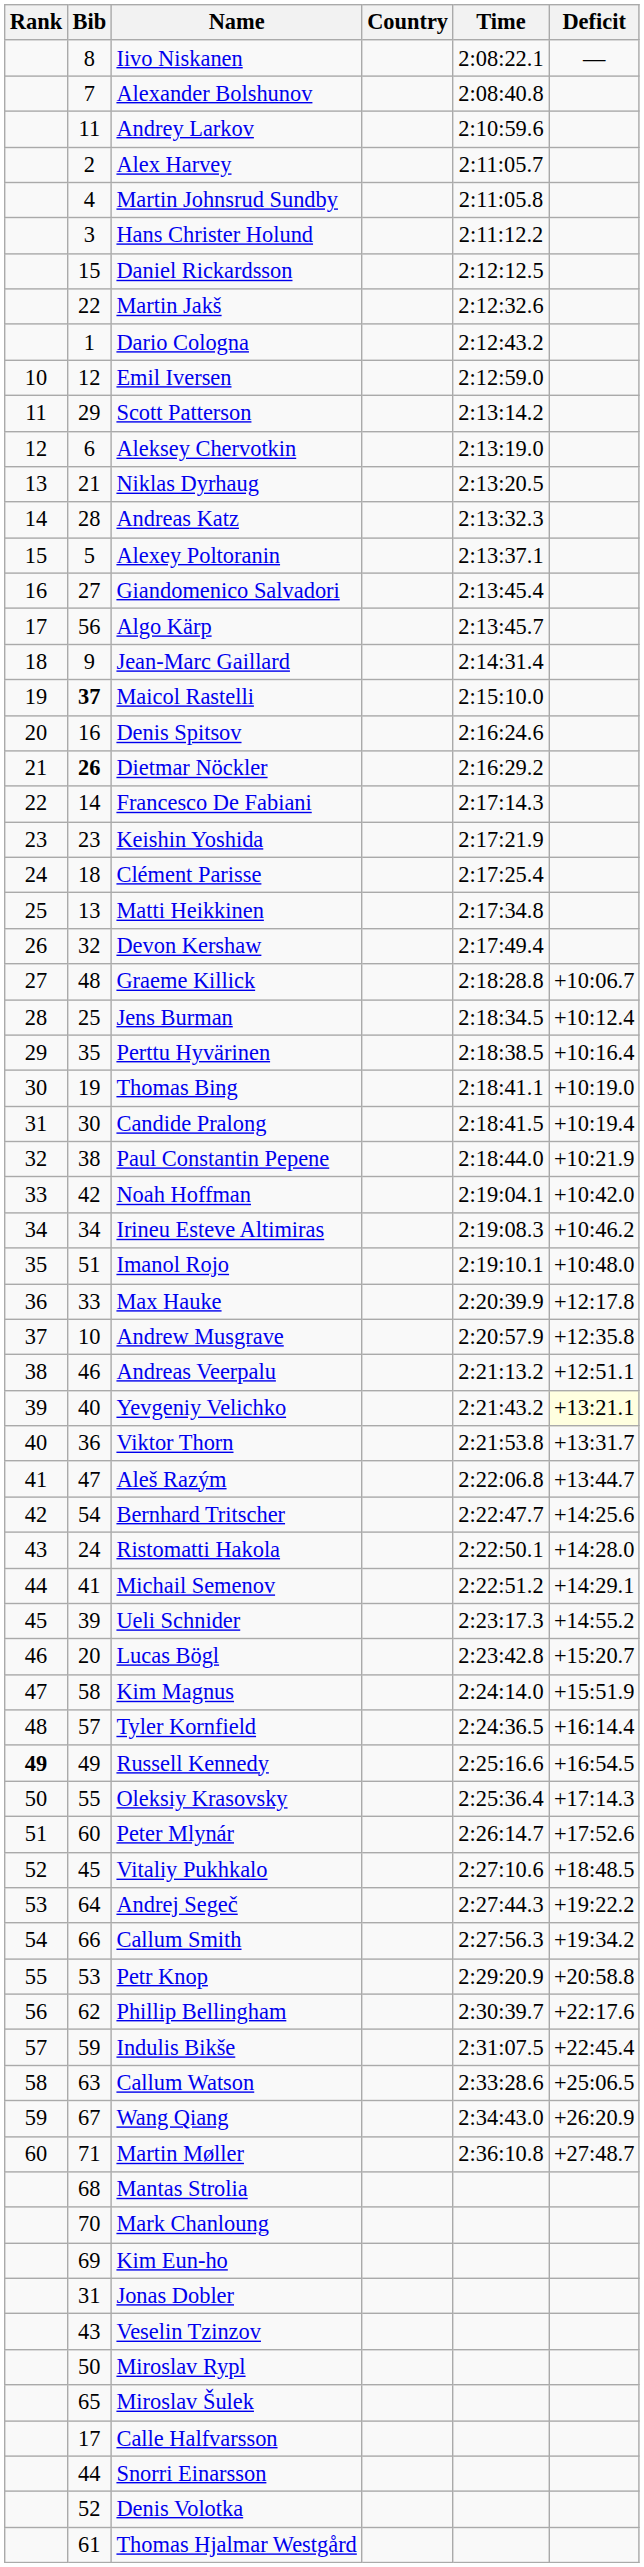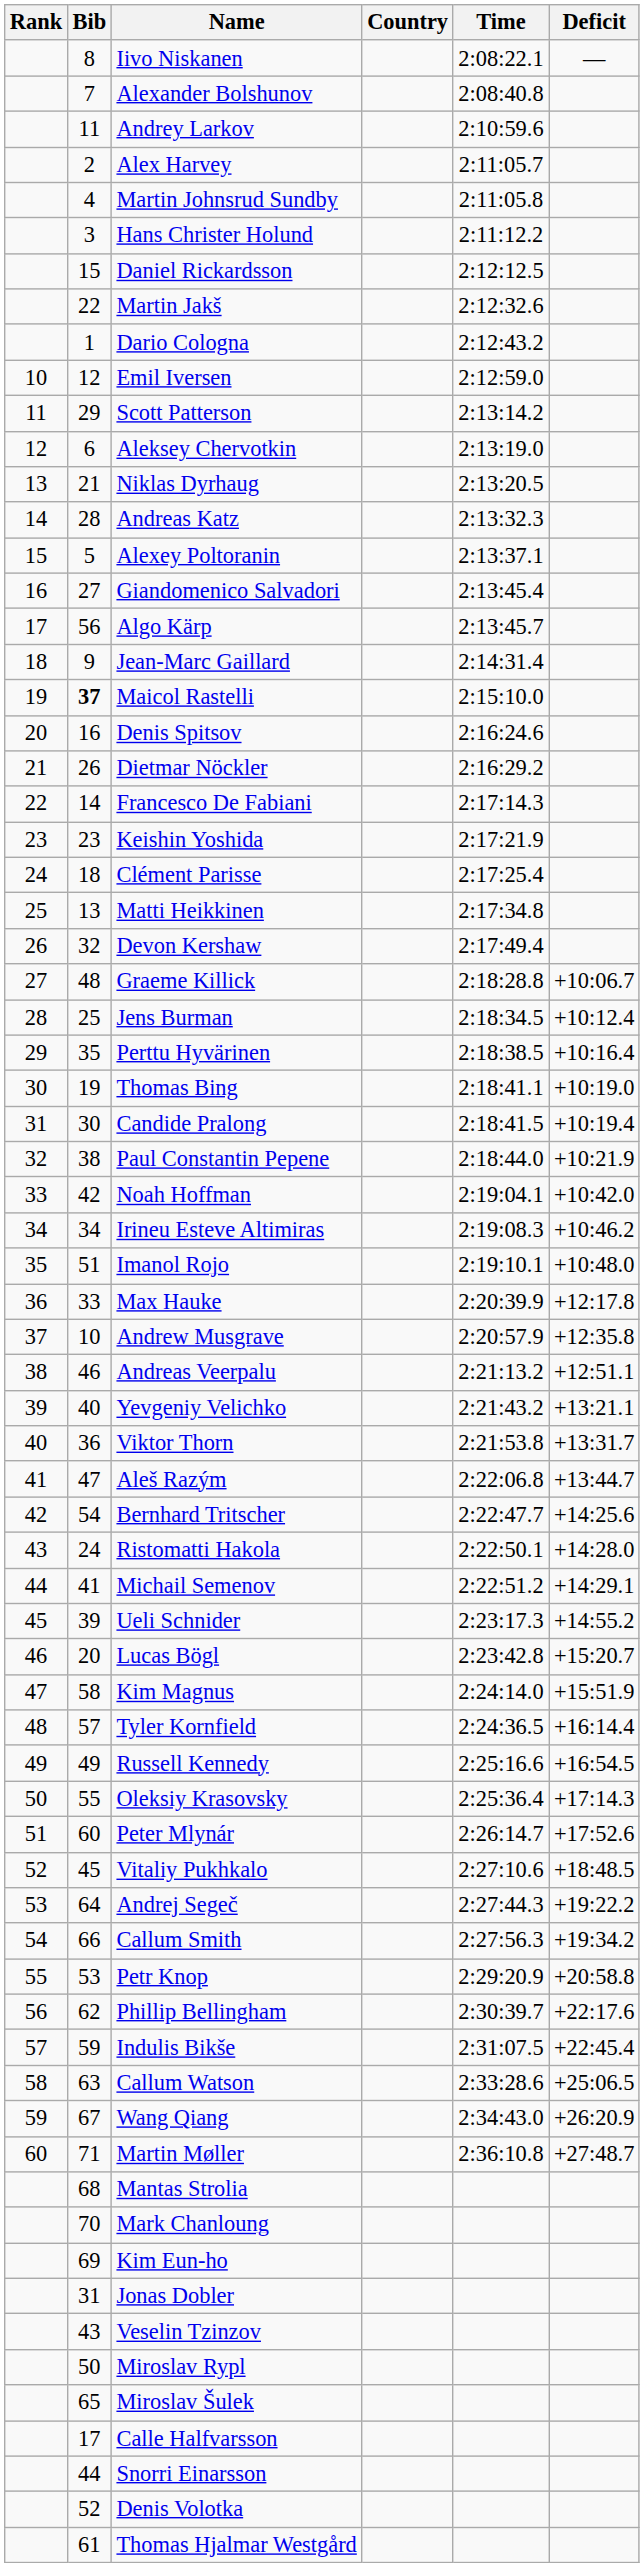 <table class="wikitable sortable" style="text-align:center">
 <tr>
 <th>Rank</th>
 <th>Bib</th>
 <th>Name</th>
 <th>Country</th>
 <th>Time</th>
 <th>Deficit</th>
 </tr>
 <tr>
 <td></td>
 <td>8</td>
 <td align="left"><a href='#'>Iivo Niskanen</a></td>
 <td align="left"></td>
 <td>2:08:22.1</td>
 <td>—</td>
 </tr>
 <tr>
 <td></td>
 <td>7</td>
 <td align="left"><a href='#'>Alexander Bolshunov</a></td>
 <td align="left"></td>
 <td>2:08:40.8</td>
 <td></td>
 </tr>
 <tr>
 <td></td>
 <td>11</td>
 <td align="left"><a href='#'>Andrey Larkov</a></td>
 <td align="left"></td>
 <td>2:10:59.6</td>
 <td></td>
 </tr>
 <tr>
 <td></td>
 <td>2</td>
 <td align="left"><a href='#'>Alex Harvey</a></td>
 <td align="left"></td>
 <td>2:11:05.7</td>
 <td></td>
 </tr>
 <tr>
 <td></td>
 <td>4</td>
 <td align="left"><a href='#'>Martin Johnsrud Sundby</a></td>
 <td align="left"></td>
 <td>2:11:05.8</td>
 <td></td>
 </tr>
 <tr>
 <td></td>
 <td>3</td>
 <td align="left"><a href='#'>Hans Christer Holund</a></td>
 <td align="left"></td>
 <td>2:11:12.2</td>
 <td></td>
 </tr>
 <tr>
 <td></td>
 <td>15</td>
 <td align="left"><a href='#'>Daniel Rickardsson</a></td>
 <td align="left"></td>
 <td>2:12:12.5</td>
 <td></td>
 </tr>
 <tr>
 <td></td>
 <td>22</td>
 <td align="left"><a href='#'>Martin Jakš</a></td>
 <td align="left"></td>
 <td>2:12:32.6</td>
 <td></td>
 </tr>
 <tr>
 <td></td>
 <td>1</td>
 <td align="left"><a href='#'>Dario Cologna</a></td>
 <td align="left"></td>
 <td>2:12:43.2</td>
 <td></td>
 </tr>
 <tr>
 <td>10</td>
 <td>12</td>
 <td align="left"><a href='#'>Emil Iversen</a></td>
 <td align="left"></td>
 <td>2:12:59.0</td>
 <td></td>
 </tr>
 <tr>
 <td>11</td>
 <td>29</td>
 <td align="left"><a href='#'>Scott Patterson</a></td>
 <td align="left"></td>
 <td>2:13:14.2</td>
 <td></td>
 </tr>
 <tr>
 <td>12</td>
 <td>6</td>
 <td align="left"><a href='#'>Aleksey Chervotkin</a></td>
 <td align="left"></td>
 <td>2:13:19.0</td>
 <td></td>
 </tr>
 <tr>
 <td>13</td>
 <td>21</td>
 <td align="left"><a href='#'>Niklas Dyrhaug</a></td>
 <td align="left"></td>
 <td>2:13:20.5</td>
 <td></td>
 </tr>
 <tr>
 <td>14</td>
 <td>28</td>
 <td align="left"><a href='#'>Andreas Katz</a></td>
 <td align="left"></td>
 <td>2:13:32.3</td>
 <td></td>
 </tr>
 <tr>
 <td>15</td>
 <td>5</td>
 <td align="left"><a href='#'>Alexey Poltoranin</a></td>
 <td align="left"></td>
 <td>2:13:37.1</td>
 <td></td>
 </tr>
 <tr>
 <td>16</td>
 <td>27</td>
 <td align="left"><a href='#'>Giandomenico Salvadori</a></td>
 <td align="left"></td>
 <td>2:13:45.4</td>
 <td></td>
 </tr>
 <tr>
 <td>17</td>
 <td>56</td>
 <td align="left"><a href='#'>Algo Kärp</a></td>
 <td align="left"></td>
 <td>2:13:45.7</td>
 <td></td>
 </tr>
 <tr>
 <td>18</td>
 <td>9</td>
 <td align="left"><a href='#'>Jean-Marc Gaillard</a></td>
 <td align="left"></td>
 <td>2:14:31.4</td>
 <td></td>
 </tr>
 <tr>
 <td>19</td>
 <td><strong>37</strong></td>
 <td align="left"><a href='#'>Maicol Rastelli</a></td>
 <td align="left"></td>
 <td>2:15:10.0</td>
 <td></td>
 </tr>
 <tr>
 <td>20</td>
 <td>16</td>
 <td align="left"><a href='#'>Denis Spitsov</a></td>
 <td align="left"></td>
 <td>2:16:24.6</td>
 <td></td>
 </tr>
 <tr>
 <td>21</td>
-<td><strong>26</strong></td>
+<td>26</td>
 <td align="left"><a href='#'>Dietmar Nöckler</a></td>
 <td align="left"></td>
 <td>2:16:29.2</td>
 <td></td>
 </tr>
 <tr>
 <td>22</td>
 <td>14</td>
 <td align="left"><a href='#'>Francesco De Fabiani</a></td>
 <td align="left"></td>
 <td>2:17:14.3</td>
 <td></td>
 </tr>
 <tr>
 <td>23</td>
 <td>23</td>
 <td align="left"><a href='#'>Keishin Yoshida</a></td>
 <td align="left"></td>
 <td>2:17:21.9</td>
 <td></td>
 </tr>
 <tr>
 <td>24</td>
 <td>18</td>
 <td align="left"><a href='#'>Clément Parisse</a></td>
 <td align="left"></td>
 <td>2:17:25.4</td>
 <td></td>
 </tr>
 <tr>
 <td>25</td>
 <td>13</td>
 <td align="left"><a href='#'>Matti Heikkinen</a></td>
 <td align="left"></td>
 <td>2:17:34.8</td>
 <td></td>
 </tr>
 <tr>
 <td>26</td>
 <td>32</td>
 <td align="left"><a href='#'>Devon Kershaw</a></td>
 <td align="left"></td>
 <td>2:17:49.4</td>
 <td></td>
 </tr>
 <tr>
 <td>27</td>
 <td>48</td>
 <td align="left"><a href='#'>Graeme Killick</a></td>
 <td align="left"></td>
 <td>2:18:28.8</td>
 <td>+10:06.7</td>
 </tr>
 <tr>
 <td>28</td>
 <td>25</td>
 <td align="left"><a href='#'>Jens Burman</a></td>
 <td align="left"></td>
 <td>2:18:34.5</td>
 <td>+10:12.4</td>
 </tr>
 <tr>
 <td>29</td>
 <td>35</td>
 <td align="left"><a href='#'>Perttu Hyvärinen</a></td>
 <td align="left"></td>
 <td>2:18:38.5</td>
 <td>+10:16.4</td>
 </tr>
 <tr>
 <td>30</td>
 <td>19</td>
 <td align="left"><a href='#'>Thomas Bing</a></td>
 <td align="left"></td>
 <td>2:18:41.1</td>
 <td>+10:19.0</td>
 </tr>
 <tr>
 <td>31</td>
 <td>30</td>
 <td align="left"><a href='#'>Candide Pralong</a></td>
 <td align="left"></td>
 <td>2:18:41.5</td>
 <td>+10:19.4</td>
 </tr>
 <tr>
 <td>32</td>
 <td>38</td>
 <td align="left"><a href='#'>Paul Constantin Pepene</a></td>
 <td align="left"></td>
 <td>2:18:44.0</td>
 <td>+10:21.9</td>
 </tr>
 <tr>
 <td>33</td>
 <td>42</td>
 <td align="left"><a href='#'>Noah Hoffman</a></td>
 <td align="left"></td>
 <td>2:19:04.1</td>
 <td>+10:42.0</td>
 </tr>
 <tr>
 <td>34</td>
 <td>34</td>
 <td align="left"><a href='#'>Irineu Esteve Altimiras</a></td>
 <td align="left"></td>
 <td>2:19:08.3</td>
 <td>+10:46.2</td>
 </tr>
 <tr>
 <td>35</td>
 <td>51</td>
 <td align="left"><a href='#'>Imanol Rojo</a></td>
 <td align="left"></td>
 <td>2:19:10.1</td>
 <td>+10:48.0</td>
 </tr>
 <tr>
 <td>36</td>
 <td>33</td>
 <td align="left"><a href='#'>Max Hauke</a></td>
 <td align="left"></td>
 <td>2:20:39.9</td>
 <td>+12:17.8</td>
 </tr>
 <tr>
 <td>37</td>
 <td>10</td>
 <td align="left"><a href='#'>Andrew Musgrave</a></td>
 <td align="left"></td>
 <td>2:20:57.9</td>
 <td>+12:35.8</td>
 </tr>
 <tr>
 <td>38</td>
 <td>46</td>
 <td align="left"><a href='#'>Andreas Veerpalu</a></td>
 <td align="left"></td>
 <td>2:21:13.2</td>
 <td>+12:51.1</td>
 </tr>
 <tr>
 <td>39</td>
 <td>40</td>
 <td align="left"><a href='#'>Yevgeniy Velichko</a></td>
 <td align="left"></td>
 <td>2:21:43.2</td>
-<td style="background: lightyellow;">+13:21.1</td>
+<td>+13:21.1</td>
 </tr>
 <tr>
 <td>40</td>
 <td>36</td>
 <td align="left"><a href='#'>Viktor Thorn</a></td>
 <td align="left"></td>
 <td>2:21:53.8</td>
 <td>+13:31.7</td>
 </tr>
 <tr>
 <td>41</td>
 <td>47</td>
 <td align="left"><a href='#'>Aleš Razým</a></td>
 <td align="left"></td>
 <td>2:22:06.8</td>
 <td>+13:44.7</td>
 </tr>
 <tr>
 <td>42</td>
 <td>54</td>
 <td align="left"><a href='#'>Bernhard Tritscher</a></td>
 <td align="left"></td>
 <td>2:22:47.7</td>
 <td>+14:25.6</td>
 </tr>
 <tr>
 <td>43</td>
 <td>24</td>
 <td align="left"><a href='#'>Ristomatti Hakola</a></td>
 <td align="left"></td>
 <td>2:22:50.1</td>
 <td>+14:28.0</td>
 </tr>
 <tr>
 <td>44</td>
 <td>41</td>
 <td align="left"><a href='#'>Michail Semenov</a></td>
 <td align="left"></td>
 <td>2:22:51.2</td>
 <td>+14:29.1</td>
 </tr>
 <tr>
 <td>45</td>
 <td>39</td>
 <td align="left"><a href='#'>Ueli Schnider</a></td>
 <td align="left"></td>
 <td>2:23:17.3</td>
 <td>+14:55.2</td>
 </tr>
 <tr>
 <td>46</td>
 <td>20</td>
 <td align="left"><a href='#'>Lucas Bögl</a></td>
 <td align="left"></td>
 <td>2:23:42.8</td>
 <td>+15:20.7</td>
 </tr>
 <tr>
 <td>47</td>
 <td>58</td>
 <td align="left"><a href='#'>Kim Magnus</a></td>
 <td align="left"></td>
 <td>2:24:14.0</td>
 <td>+15:51.9</td>
 </tr>
 <tr>
 <td>48</td>
 <td>57</td>
 <td align="left"><a href='#'>Tyler Kornfield</a></td>
 <td align="left"></td>
 <td>2:24:36.5</td>
 <td>+16:14.4</td>
 </tr>
 <tr>
-<td><strong>49</strong></td>
+<td>49</td>
 <td>49</td>
 <td align="left"><a href='#'>Russell Kennedy</a></td>
 <td align="left"></td>
 <td>2:25:16.6</td>
 <td>+16:54.5</td>
 </tr>
 <tr>
 <td>50</td>
 <td>55</td>
 <td align="left"><a href='#'>Oleksiy Krasovsky</a></td>
 <td align="left"></td>
 <td>2:25:36.4</td>
 <td>+17:14.3</td>
 </tr>
 <tr>
 <td>51</td>
 <td>60</td>
 <td align="left"><a href='#'>Peter Mlynár</a></td>
 <td align="left"></td>
 <td>2:26:14.7</td>
 <td>+17:52.6</td>
 </tr>
 <tr>
 <td>52</td>
 <td>45</td>
 <td align="left"><a href='#'>Vitaliy Pukhkalo</a></td>
 <td align="left"></td>
 <td>2:27:10.6</td>
 <td>+18:48.5</td>
 </tr>
 <tr>
 <td>53</td>
 <td>64</td>
 <td align="left"><a href='#'>Andrej Segeč</a></td>
 <td align="left"></td>
 <td>2:27:44.3</td>
 <td>+19:22.2</td>
 </tr>
 <tr>
 <td>54</td>
 <td>66</td>
 <td align="left"><a href='#'>Callum Smith</a></td>
 <td align="left"></td>
 <td>2:27:56.3</td>
 <td>+19:34.2</td>
 </tr>
 <tr>
 <td>55</td>
 <td>53</td>
 <td align="left"><a href='#'>Petr Knop</a></td>
 <td align="left"></td>
 <td>2:29:20.9</td>
 <td>+20:58.8</td>
 </tr>
 <tr>
 <td>56</td>
 <td>62</td>
 <td align="left"><a href='#'>Phillip Bellingham</a></td>
 <td align="left"></td>
 <td>2:30:39.7</td>
 <td>+22:17.6</td>
 </tr>
 <tr>
 <td>57</td>
 <td>59</td>
 <td align="left"><a href='#'>Indulis Bikše</a></td>
 <td align="left"></td>
 <td>2:31:07.5</td>
 <td>+22:45.4</td>
 </tr>
 <tr>
 <td>58</td>
 <td>63</td>
 <td align="left"><a href='#'>Callum Watson</a></td>
 <td align="left"></td>
 <td>2:33:28.6</td>
 <td>+25:06.5</td>
 </tr>
 <tr>
 <td>59</td>
 <td>67</td>
 <td align="left"><a href='#'>Wang Qiang</a></td>
 <td align="left"></td>
 <td>2:34:43.0</td>
 <td>+26:20.9</td>
 </tr>
 <tr>
 <td>60</td>
 <td>71</td>
 <td align="left"><a href='#'>Martin Møller</a></td>
 <td align="left"></td>
 <td>2:36:10.8</td>
 <td>+27:48.7</td>
 </tr>
 <tr>
 <td></td>
 <td>68</td>
 <td align="left"><a href='#'>Mantas Strolia</a></td>
 <td align="left"></td>
 <td></td>
 <td></td>
 </tr>
 <tr>
 <td></td>
 <td>70</td>
 <td align="left"><a href='#'>Mark Chanloung</a></td>
 <td align="left"></td>
 <td></td>
 <td></td>
 </tr>
 <tr>
 <td></td>
 <td>69</td>
 <td align="left"><a href='#'>Kim Eun-ho</a></td>
 <td align="left"></td>
 <td></td>
 <td></td>
 </tr>
 <tr>
 <td></td>
 <td>31</td>
 <td align="left"><a href='#'>Jonas Dobler</a></td>
 <td align="left"></td>
 <td></td>
 <td></td>
 </tr>
 <tr>
 <td></td>
 <td>43</td>
 <td align="left"><a href='#'>Veselin Tzinzov</a></td>
 <td align="left"></td>
 <td></td>
 <td></td>
 </tr>
 <tr>
 <td></td>
 <td>50</td>
 <td align="left"><a href='#'>Miroslav Rypl</a></td>
 <td align="left"></td>
 <td></td>
 <td></td>
 </tr>
 <tr>
 <td></td>
 <td>65</td>
 <td align="left"><a href='#'>Miroslav Šulek</a></td>
 <td align="left"></td>
 <td></td>
 <td></td>
 </tr>
 <tr>
 <td></td>
 <td>17</td>
 <td align="left"><a href='#'>Calle Halfvarsson</a></td>
 <td align="left"></td>
 <td></td>
 <td></td>
 </tr>
 <tr>
 <td></td>
 <td>44</td>
 <td align="left"><a href='#'>Snorri Einarsson</a></td>
 <td align="left"></td>
 <td></td>
 <td></td>
 </tr>
 <tr>
 <td></td>
 <td>52</td>
 <td align="left"><a href='#'>Denis Volotka</a></td>
 <td align="left"></td>
 <td></td>
 <td></td>
 </tr>
 <tr>
 <td></td>
 <td>61</td>
 <td align="left"><a href='#'>Thomas Hjalmar Westgård</a></td>
 <td align="left"></td>
 <td></td>
 <td></td>
 </tr>
 </table>
